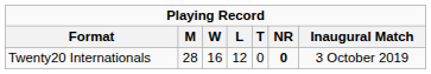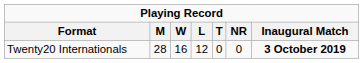 <table class="wikitable" style="text-align: center; width: 500px;">
 <tr>
 <td colspan=7 align="center"><strong>Playing Record</strong></td>
 </tr>
 <tr>
 <th>Format</th>
 <th>M</th>
 <th>W</th>
 <th>L</th>
 <th>T</th>
 <th>NR</th>
 <th>Inaugural Match</th>
 </tr>
 <tr>
 <td align="left">Twenty20 Internationals</td>
 <td>28</td>
 <td>16</td>
 <td>12</td>
 <td>0</td>
-<td><strong>0</strong></td>
-<td>3 October 2019</td>
+<td>0</td>
+<td><strong>3 October 2019</strong></td>
 </tr>
 </table>
